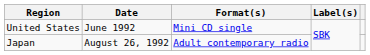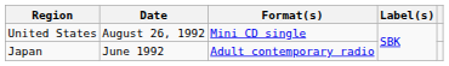 <table class="wikitable">
 <tr>
 <th>Region</th>
 <th>Date</th>
 <th>Format(s)</th>
 <th>Label(s)</th>
 <th></th>
 </tr>
 <tr>
 <td>United States</td>
-<td>June 1992</td>
+<td>August 26, 1992</td>
 <td><a href='#'>Mini CD single</a></td>
 <td rowspan="2"><a href='#'>SBK</a></td>
 <td></td>
 </tr>
 <tr>
 <td>Japan</td>
-<td>August 26, 1992</td>
+<td>June 1992</td>
 <td><a href='#'>Adult contemporary radio</a></td>
 <td></td>
 </tr>
 </table>
